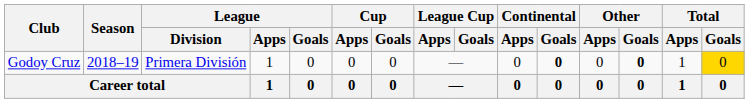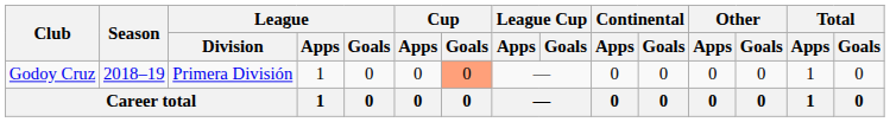 <table class="wikitable" style="text-align:center">
 <tr>
 <th rowspan="2">Club</th>
 <th rowspan="2">Season</th>
 <th colspan="3">League</th>
 <th colspan="2">Cup</th>
 <th colspan="2">League Cup</th>
 <th colspan="2">Continental</th>
 <th colspan="2">Other</th>
 <th colspan="2">Total</th>
 </tr>
 <tr>
 <th>Division</th>
 <th>Apps</th>
 <th>Goals</th>
 <th>Apps</th>
 <th>Goals</th>
 <th>Apps</th>
 <th>Goals</th>
 <th>Apps</th>
 <th>Goals</th>
 <th>Apps</th>
 <th>Goals</th>
 <th>Apps</th>
 <th>Goals</th>
 </tr>
 <tr>
 <td rowspan="1"><a href='#'>Godoy Cruz</a></td>
 <td><a href='#'>2018–19</a></td>
 <td rowspan="1"><a href='#'>Primera División</a></td>
 <td>1</td>
 <td>0</td>
 <td>0</td>
-<td>0</td>
+<td style="background: lightsalmon;">0</td>
 <td colspan="2">—</td>
 <td>0</td>
-<td><strong>0</strong></td>
 <td>0</td>
-<td><strong>0</strong></td>
+<td>0</td>
+<td>0</td>
 <td>1</td>
-<td style="background: gold;">0</td>
+<td>0</td>
 </tr>
 <tr>
 <th colspan="3">Career total</th>
 <th>1</th>
 <th>0</th>
 <th>0</th>
 <th>0</th>
 <th colspan="2">—</th>
 <th>0</th>
 <th>0</th>
 <th>0</th>
 <th>0</th>
 <th>1</th>
 <th>0</th>
 </tr>
 </table>
